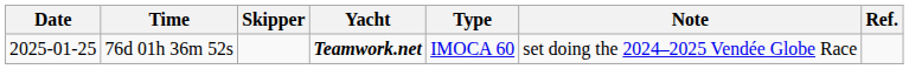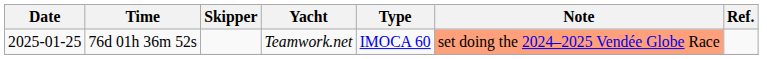 <table class="wikitable sortable">
 <tr>
 <th>Date</th>
 <th>Time</th>
 <th>Skipper</th>
 <th>Yacht</th>
 <th>Type</th>
 <th>Note</th>
 <th>Ref.</th>
 </tr>
 <tr>
 <td>2025-01-25</td>
 <td>76d 01h 36m 52s</td>
 <td></td>
-<td><strong><em>Teamwork.net</em></strong></td>
+<td><em>Teamwork.net</em></td>
 <td><a href='#'>IMOCA 60</a></td>
-<td>set doing the <a href='#'>2024–2025 Vendée Globe</a> Race</td>
+<td style="background: lightsalmon;">set doing the <a href='#'>2024–2025 Vendée Globe</a> Race</td>
 <td></td>
 </tr>
 <tr>
 </tr>
 </table>
